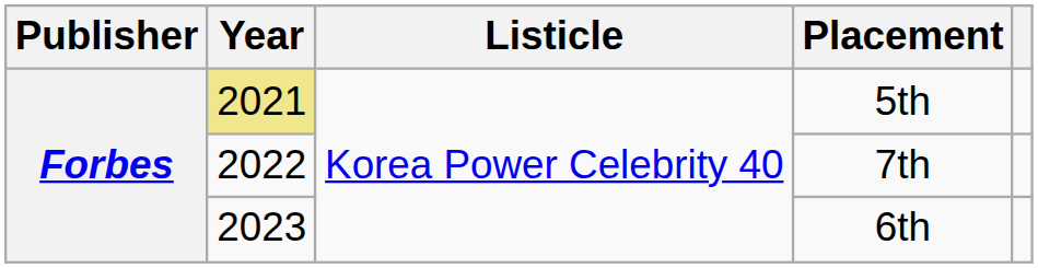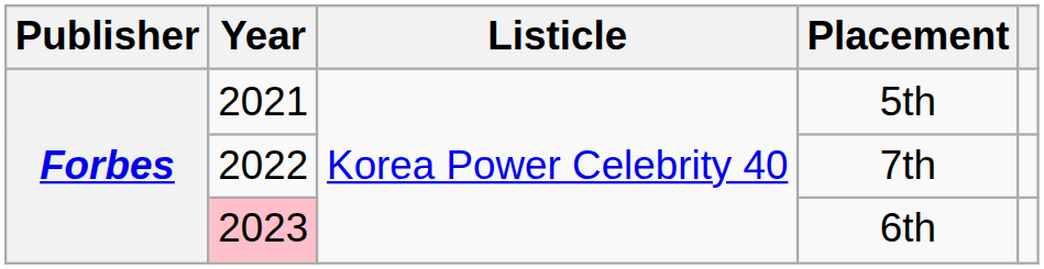 <table class="wikitable plainrowheaders sortable" style="margin-right: 0;">
 <tr>
 <th scope="col">Publisher</th>
 <th scope="col">Year</th>
 <th scope="col">Listicle</th>
 <th scope="col">Placement</th>
 <th scope="col" class="unsortable"></th>
 </tr>
 <tr>
 <th scope="row" rowspan="3"><em><a href='#'>Forbes</a></em></th>
-<td style="background: khaki;">2021</td>
+<td>2021</td>
 <td rowspan="3"><a href='#'>Korea Power Celebrity 40</a></td>
 <td style="text-align:center;">5th</td>
 <td style="text-align:center;"></td>
 </tr>
 <tr>
 <td>2022</td>
 <td style="text-align:center;">7th</td>
 <td style="text-align:center;"></td>
 </tr>
 <tr>
-<td>2023</td>
+<td style="background: pink;">2023</td>
 <td style="text-align:center;">6th</td>
 <td style="text-align:center;"></td>
 </tr>
 </table>
